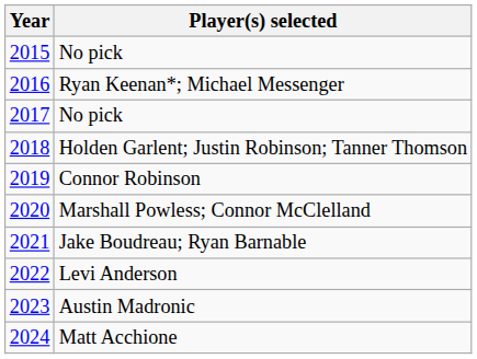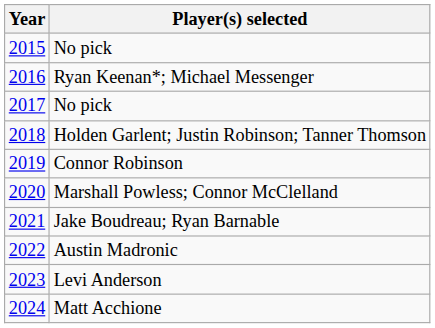 <table class="wikitable">
 <tr>
 <th>Year</th>
 <th>Player(s) selected</th>
 </tr>
 <tr>
 <td><a href='#'>2015</a></td>
 <td>No pick</td>
 </tr>
 <tr>
 <td><a href='#'>2016</a></td>
 <td>Ryan Keenan*; Michael Messenger</td>
 </tr>
 <tr>
 <td><a href='#'>2017</a></td>
 <td>No pick</td>
 </tr>
 <tr>
 <td><a href='#'>2018</a></td>
 <td>Holden Garlent; Justin Robinson; Tanner Thomson</td>
 </tr>
 <tr>
 <td><a href='#'>2019</a></td>
 <td>Connor Robinson</td>
 </tr>
 <tr>
 <td><a href='#'>2020</a></td>
 <td>Marshall Powless; Connor McClelland</td>
 </tr>
 <tr>
 <td><a href='#'>2021</a></td>
 <td>Jake Boudreau; Ryan Barnable</td>
 </tr>
 <tr>
 <td><a href='#'>2022</a></td>
-<td>Levi Anderson</td>
+<td>Austin Madronic</td>
 </tr>
 <tr>
 <td><a href='#'>2023</a></td>
-<td>Austin Madronic</td>
+<td>Levi Anderson</td>
 </tr>
 <tr>
 <td><a href='#'>2024</a></td>
 <td>Matt Acchione</td>
 </tr>
 </table>
